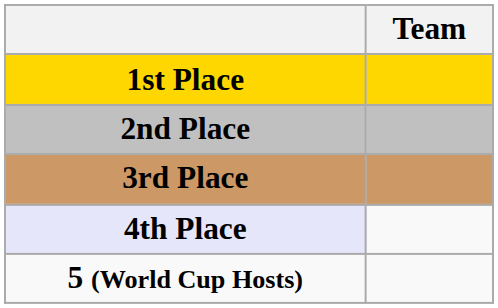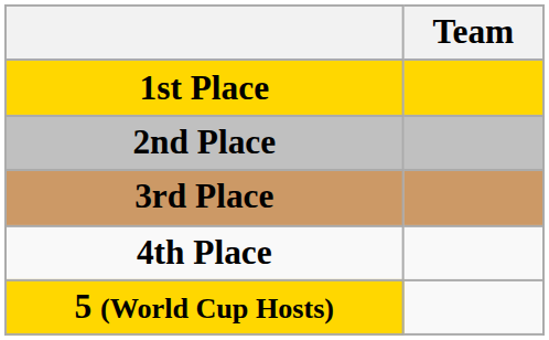 <table class="wikitable" style="text-align:center" width=250px>
 <tr>
 <th></th>
 <th>Team</th>
 </tr>
 <tr bgcolor="gold">
 <td><strong>1st Place</strong></td>
 <td align="left"></td>
 </tr>
 <tr bgcolor="silver">
 <td><strong>2nd Place</strong></td>
 <td align="left"></td>
 </tr>
 <tr bgcolor="#CC9966">
 <td><strong>3rd Place</strong></td>
 <td align="left"></td>
 </tr>
 <tr>
-<td style="background: lavender;"><strong>4th Place</strong></td>
+<td><strong>4th Place</strong></td>
 <td align="left"></td>
 </tr>
 <tr>
-<td><strong>5 <small>(World Cup Hosts)</small></strong></td>
+<td style="background: gold;"><strong>5 <small>(World Cup Hosts)</small></strong></td>
 <td align="left"></td>
 </tr>
 </table>
